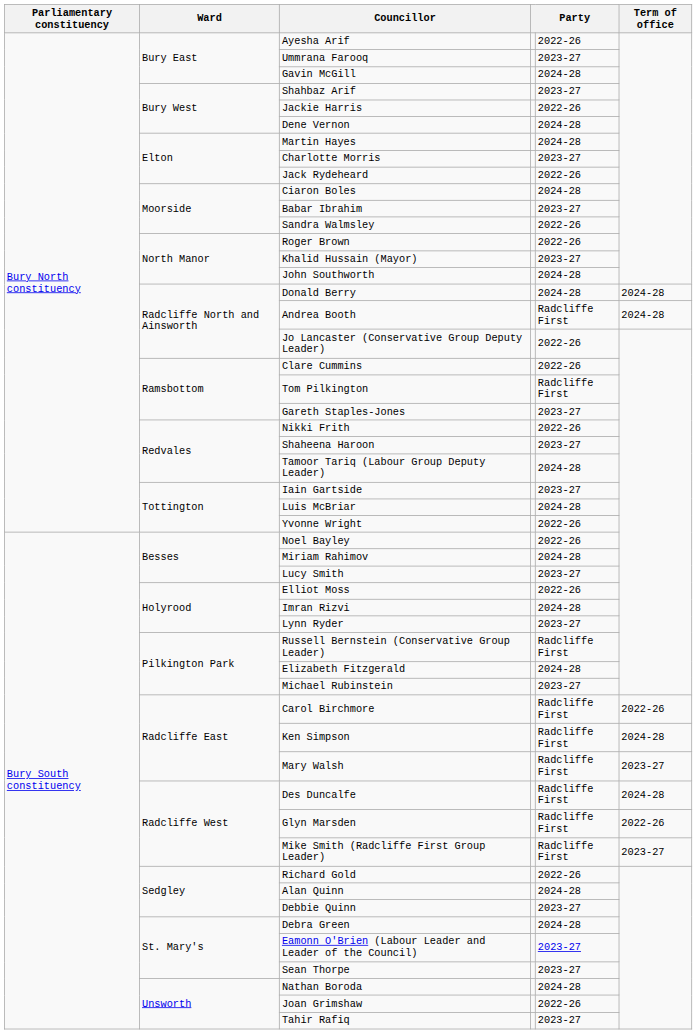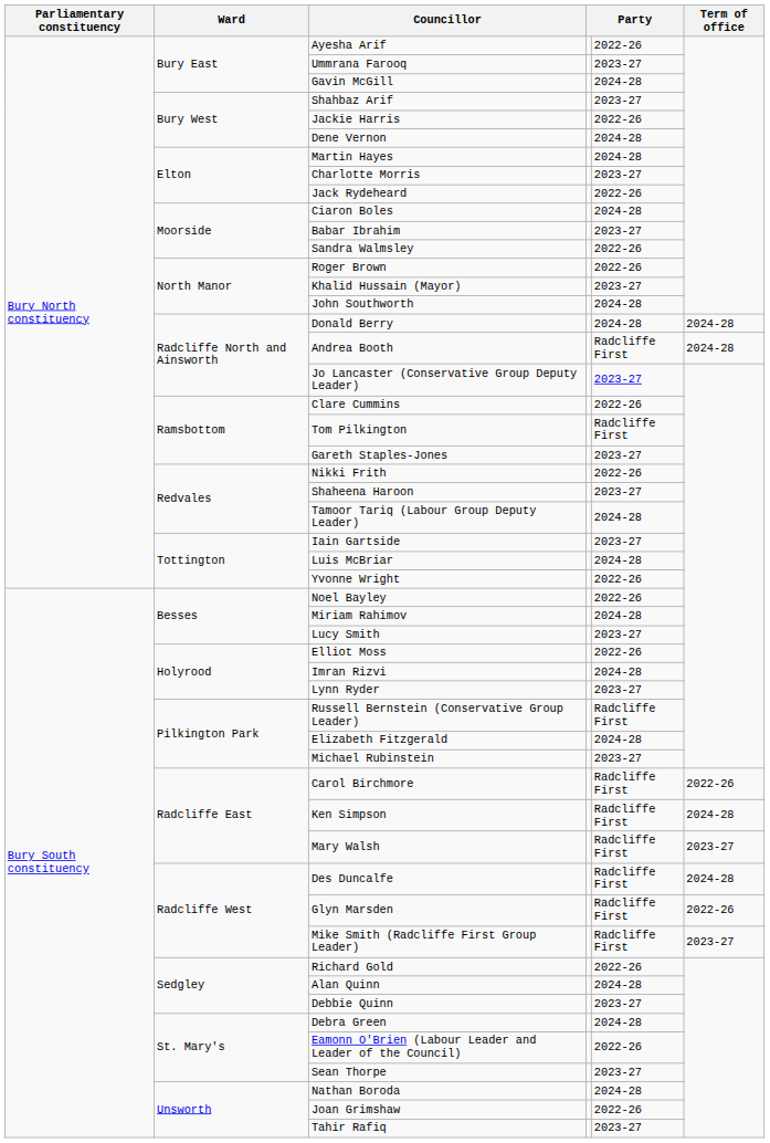 <table class="wikitable">
 <tr>
 <th>Parliamentary constituency</th>
 <th>Ward</th>
 <th>Councillor</th>
 <th colspan=2>Party</th>
 <th>Term of office</th>
 </tr>
 <tr>
 <td rowspan=27><a href='#'>Bury North constituency</a></td>
 <td rowspan="3">Bury East</td>
 <td>Ayesha Arif</td>
 <td></td>
 <td>2022-26</td>
 </tr>
 <tr>
 <td>Ummrana Farooq</td>
 <td></td>
 <td>2023-27</td>
 </tr>
 <tr>
 <td>Gavin McGill</td>
 <td></td>
 <td>2024-28</td>
 </tr>
 <tr>
 <td rowspan="3">Bury West</td>
 <td>Shahbaz Arif</td>
 <td></td>
 <td>2023-27</td>
 </tr>
 <tr>
 <td>Jackie Harris</td>
 <td></td>
 <td>2022-26</td>
 </tr>
 <tr>
 <td>Dene Vernon</td>
 <td></td>
 <td>2024-28</td>
 </tr>
 <tr>
 <td rowspan="3">Elton</td>
 <td>Martin Hayes</td>
 <td></td>
 <td>2024-28</td>
 </tr>
 <tr>
 <td>Charlotte Morris</td>
 <td></td>
 <td>2023-27</td>
 </tr>
 <tr>
 <td>Jack Rydeheard</td>
 <td></td>
 <td>2022-26</td>
 </tr>
 <tr>
 <td rowspan="3">Moorside</td>
 <td>Ciaron Boles</td>
 <td></td>
 <td>2024-28</td>
 </tr>
 <tr>
 <td>Babar Ibrahim</td>
 <td></td>
 <td>2023-27</td>
 </tr>
 <tr>
 <td>Sandra Walmsley</td>
 <td></td>
 <td>2022-26</td>
 </tr>
 <tr>
 <td rowspan="3">North Manor</td>
 <td>Roger Brown</td>
 <td></td>
 <td>2022-26</td>
 </tr>
 <tr>
 <td>Khalid Hussain (Mayor)</td>
 <td></td>
 <td>2023-27</td>
 </tr>
 <tr>
 <td>John Southworth</td>
 <td></td>
 <td>2024-28</td>
 </tr>
 <tr>
 <td rowspan="3">Radcliffe North and Ainsworth</td>
 <td>Donald Berry</td>
 <td style="background-color: "></td>
 <td>2024-28</td>
 <td>2024-28</td>
 </tr>
 <tr>
 <td>Andrea Booth</td>
 <td style="background-color: "></td>
 <td>Radcliffe First</td>
 <td>2024-28</td>
 </tr>
 <tr>
 <td>Jo Lancaster (Conservative Group Deputy Leader)</td>
 <td></td>
-<td>2022-26</td>
+<td><a href='#'>2023-27</a></td>
 </tr>
 <tr>
 <td rowspan="3">Ramsbottom</td>
 <td>Clare Cummins</td>
 <td></td>
 <td>2022-26</td>
 </tr>
 <tr>
 <td>Tom Pilkington</td>
 <td></td>
 <td>Radcliffe First</td>
 </tr>
 <tr>
 <td>Gareth Staples-Jones</td>
 <td></td>
 <td>2023-27</td>
 </tr>
 <tr>
 <td rowspan="3">Redvales</td>
 <td>Nikki Frith</td>
 <td></td>
 <td>2022-26</td>
 </tr>
 <tr>
 <td>Shaheena Haroon</td>
 <td></td>
 <td>2023-27</td>
 </tr>
 <tr>
 <td>Tamoor Tariq (Labour Group Deputy Leader)</td>
 <td></td>
 <td>2024-28</td>
 </tr>
 <tr>
 <td rowspan="3">Tottington</td>
 <td>Iain Gartside</td>
 <td></td>
 <td>2023-27</td>
 </tr>
 <tr>
 <td>Luis McBriar</td>
 <td></td>
 <td>2024-28</td>
 </tr>
 <tr>
 <td>Yvonne Wright</td>
 <td></td>
 <td>2022-26</td>
 </tr>
 <tr>
 <td rowspan=27><a href='#'>Bury South constituency</a></td>
 <td rowspan="3">Besses</td>
 <td>Noel Bayley</td>
 <td></td>
 <td>2022-26</td>
 </tr>
 <tr>
 <td>Miriam Rahimov</td>
 <td></td>
 <td>2024-28</td>
 </tr>
 <tr>
 <td>Lucy Smith</td>
 <td></td>
 <td>2023-27</td>
 </tr>
 <tr>
 <td rowspan="3">Holyrood</td>
 <td>Elliot Moss</td>
 <td></td>
 <td>2022-26</td>
 </tr>
 <tr>
 <td>Imran Rizvi</td>
 <td></td>
 <td>2024-28</td>
 </tr>
 <tr>
 <td>Lynn Ryder</td>
 <td></td>
 <td>2023-27</td>
 </tr>
 <tr>
 <td rowspan="3">Pilkington Park</td>
 <td>Russell Bernstein (Conservative Group Leader)</td>
 <td></td>
 <td>Radcliffe First</td>
 </tr>
 <tr>
 <td>Elizabeth Fitzgerald</td>
 <td></td>
 <td>2024-28</td>
 </tr>
 <tr>
 <td>Michael Rubinstein</td>
 <td></td>
 <td>2023-27</td>
 </tr>
 <tr>
 <td rowspan="3">Radcliffe East</td>
 <td>Carol Birchmore</td>
 <td style="background-color: "></td>
 <td>Radcliffe First</td>
 <td>2022-26</td>
 </tr>
 <tr>
 <td>Ken Simpson</td>
 <td style="background-color: "></td>
 <td>Radcliffe First</td>
 <td>2024-28</td>
 </tr>
 <tr>
 <td>Mary Walsh</td>
 <td style="background-color: "></td>
 <td>Radcliffe First</td>
 <td>2023-27</td>
 </tr>
 <tr>
 <td rowspan="3">Radcliffe West</td>
 <td>Des Duncalfe</td>
 <td style="background-color: "></td>
 <td>Radcliffe First</td>
 <td>2024-28</td>
 </tr>
 <tr>
 <td>Glyn Marsden</td>
 <td style="background-color: "></td>
 <td>Radcliffe First</td>
 <td>2022-26</td>
 </tr>
 <tr>
 <td>Mike Smith (Radcliffe First Group Leader)</td>
 <td style="background-color: "></td>
 <td>Radcliffe First</td>
 <td>2023-27</td>
 </tr>
 <tr>
 <td rowspan="3">Sedgley</td>
 <td>Richard Gold</td>
 <td></td>
 <td>2022-26</td>
 </tr>
 <tr>
 <td>Alan Quinn</td>
 <td></td>
 <td>2024-28</td>
 </tr>
 <tr>
 <td>Debbie Quinn</td>
 <td></td>
 <td>2023-27</td>
 </tr>
 <tr>
 <td rowspan="3">St. Mary's</td>
 <td>Debra Green</td>
 <td></td>
 <td>2024-28</td>
 </tr>
 <tr>
 <td><a href='#'>Eamonn O'Brien</a> (Labour Leader and Leader of the Council)</td>
 <td></td>
-<td><a href='#'>2023-27</a></td>
+<td>2022-26</td>
 </tr>
 <tr>
 <td>Sean Thorpe</td>
 <td></td>
 <td>2023-27</td>
 </tr>
 <tr>
 <td rowspan="3"><a href='#'>Unsworth</a></td>
 <td>Nathan Boroda</td>
 <td></td>
 <td>2024-28</td>
 </tr>
 <tr>
 <td>Joan Grimshaw</td>
 <td></td>
 <td>2022-26</td>
 </tr>
 <tr>
 <td>Tahir Rafiq</td>
 <td></td>
 <td>2023-27</td>
 </tr>
 </table>
